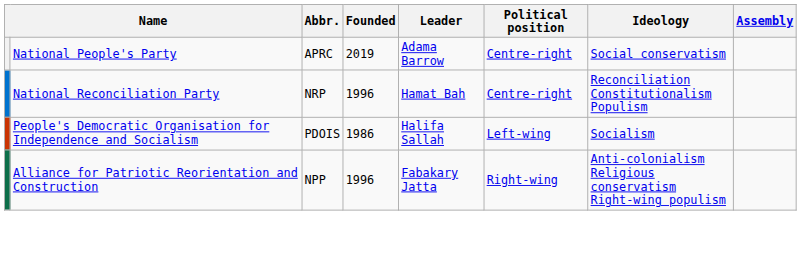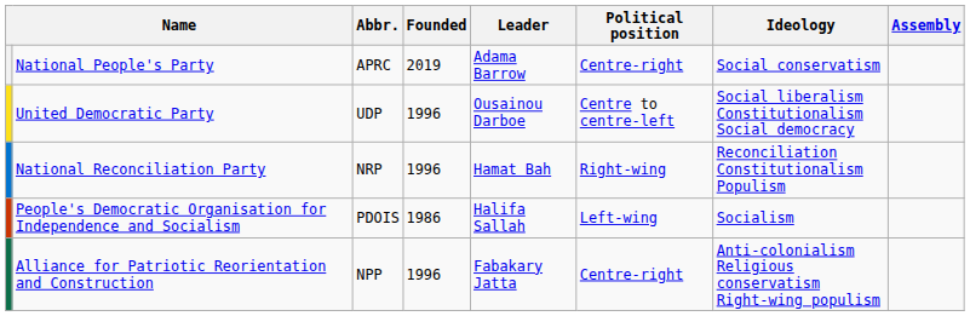 <table class="wikitable mw-datatable">
 <tr>
 <th colspan=2>Name</th>
 <th>Abbr.</th>
 <th>Founded</th>
 <th>Leader</th>
 <th>Political position</th>
 <th>Ideology</th>
 <th><a href='#'>Assembly</a></th>
 </tr>
 <tr>
 <th style="background-color:"></th>
 <td><a href='#'>National People's Party</a></td>
 <td>APRC</td>
 <td>2019</td>
 <td><a href='#'>Adama Barrow</a></td>
 <td><a href='#'>Centre-right</a></td>
 <td><a href='#'>Social conservatism</a></td>
 <td></td>
 </tr>
 <tr>
+<th style="background-color:#FEE119"></th>
+<td><a href='#'>United Democratic Party</a></td>
+<td>UDP</td>
+<td>1996</td>
+<td><a href='#'>Ousainou Darboe</a></td>
+<td><a href='#'>Centre</a> to <a href='#'>centre-left</a></td>
+<td><a href='#'>Social liberalism</a><br><a href='#'>Constitutionalism</a><br><a href='#'>Social democracy</a></td>
+<td></td>
+</tr>
+<tr>
 <th style="background-color:#0073CF"></th>
 <td><a href='#'>National Reconciliation Party</a></td>
 <td>NRP</td>
 <td>1996</td>
 <td><a href='#'>Hamat Bah</a></td>
-<td><a href='#'>Centre-right</a></td>
+<td><a href='#'>Right-wing</a></td>
 <td><a href='#'>Reconciliation</a><br><a href='#'>Constitutionalism</a><br><a href='#'>Populism</a></td>
 <td></td>
 </tr>
 <tr>
 <th style="background-color:#CA3403"></th>
 <td><a href='#'>People's Democratic Organisation for Independence and Socialism</a></td>
 <td>PDOIS</td>
 <td>1986</td>
 <td><a href='#'>Halifa Sallah</a></td>
 <td><a href='#'>Left-wing</a></td>
 <td><a href='#'>Socialism</a></td>
 <td></td>
 </tr>
 <tr>
 <th style="background-color:#0D6F4A"></th>
 <td><a href='#'>Alliance for Patriotic Reorientation and Construction</a></td>
 <td>NPP</td>
 <td>1996</td>
 <td><a href='#'>Fabakary Jatta</a></td>
-<td><a href='#'>Right-wing</a></td>
+<td><a href='#'>Centre-right</a></td>
 <td><a href='#'>Anti-colonialism</a><br><a href='#'>Religious conservatism</a><br><a href='#'>Right-wing populism</a></td>
 <td></td>
 </tr>
 </table>
